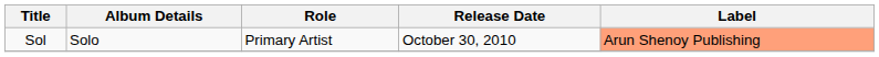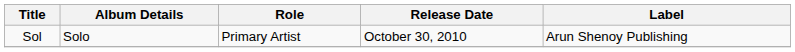 <table class="wikitable" width="75%">
 <tr>
 <th>Title</th>
 <th>Album Details</th>
 <th>Role</th>
 <th>Release Date</th>
 <th>Label</th>
 </tr>
 <tr>
 <td rowspan="1"; align="center" valign="top">Sol</td>
 <td align="left" valign="top">Solo</td>
 <td align="left" valign="top">Primary Artist</td>
 <td align="left" valign="top">October 30, 2010</td>
-<td align="left" valign="top" style="background: lightsalmon;">Arun Shenoy Publishing</td>
+<td align="left" valign="top">Arun Shenoy Publishing</td>
 </tr>
 <tr>
 </tr>
 </table>
